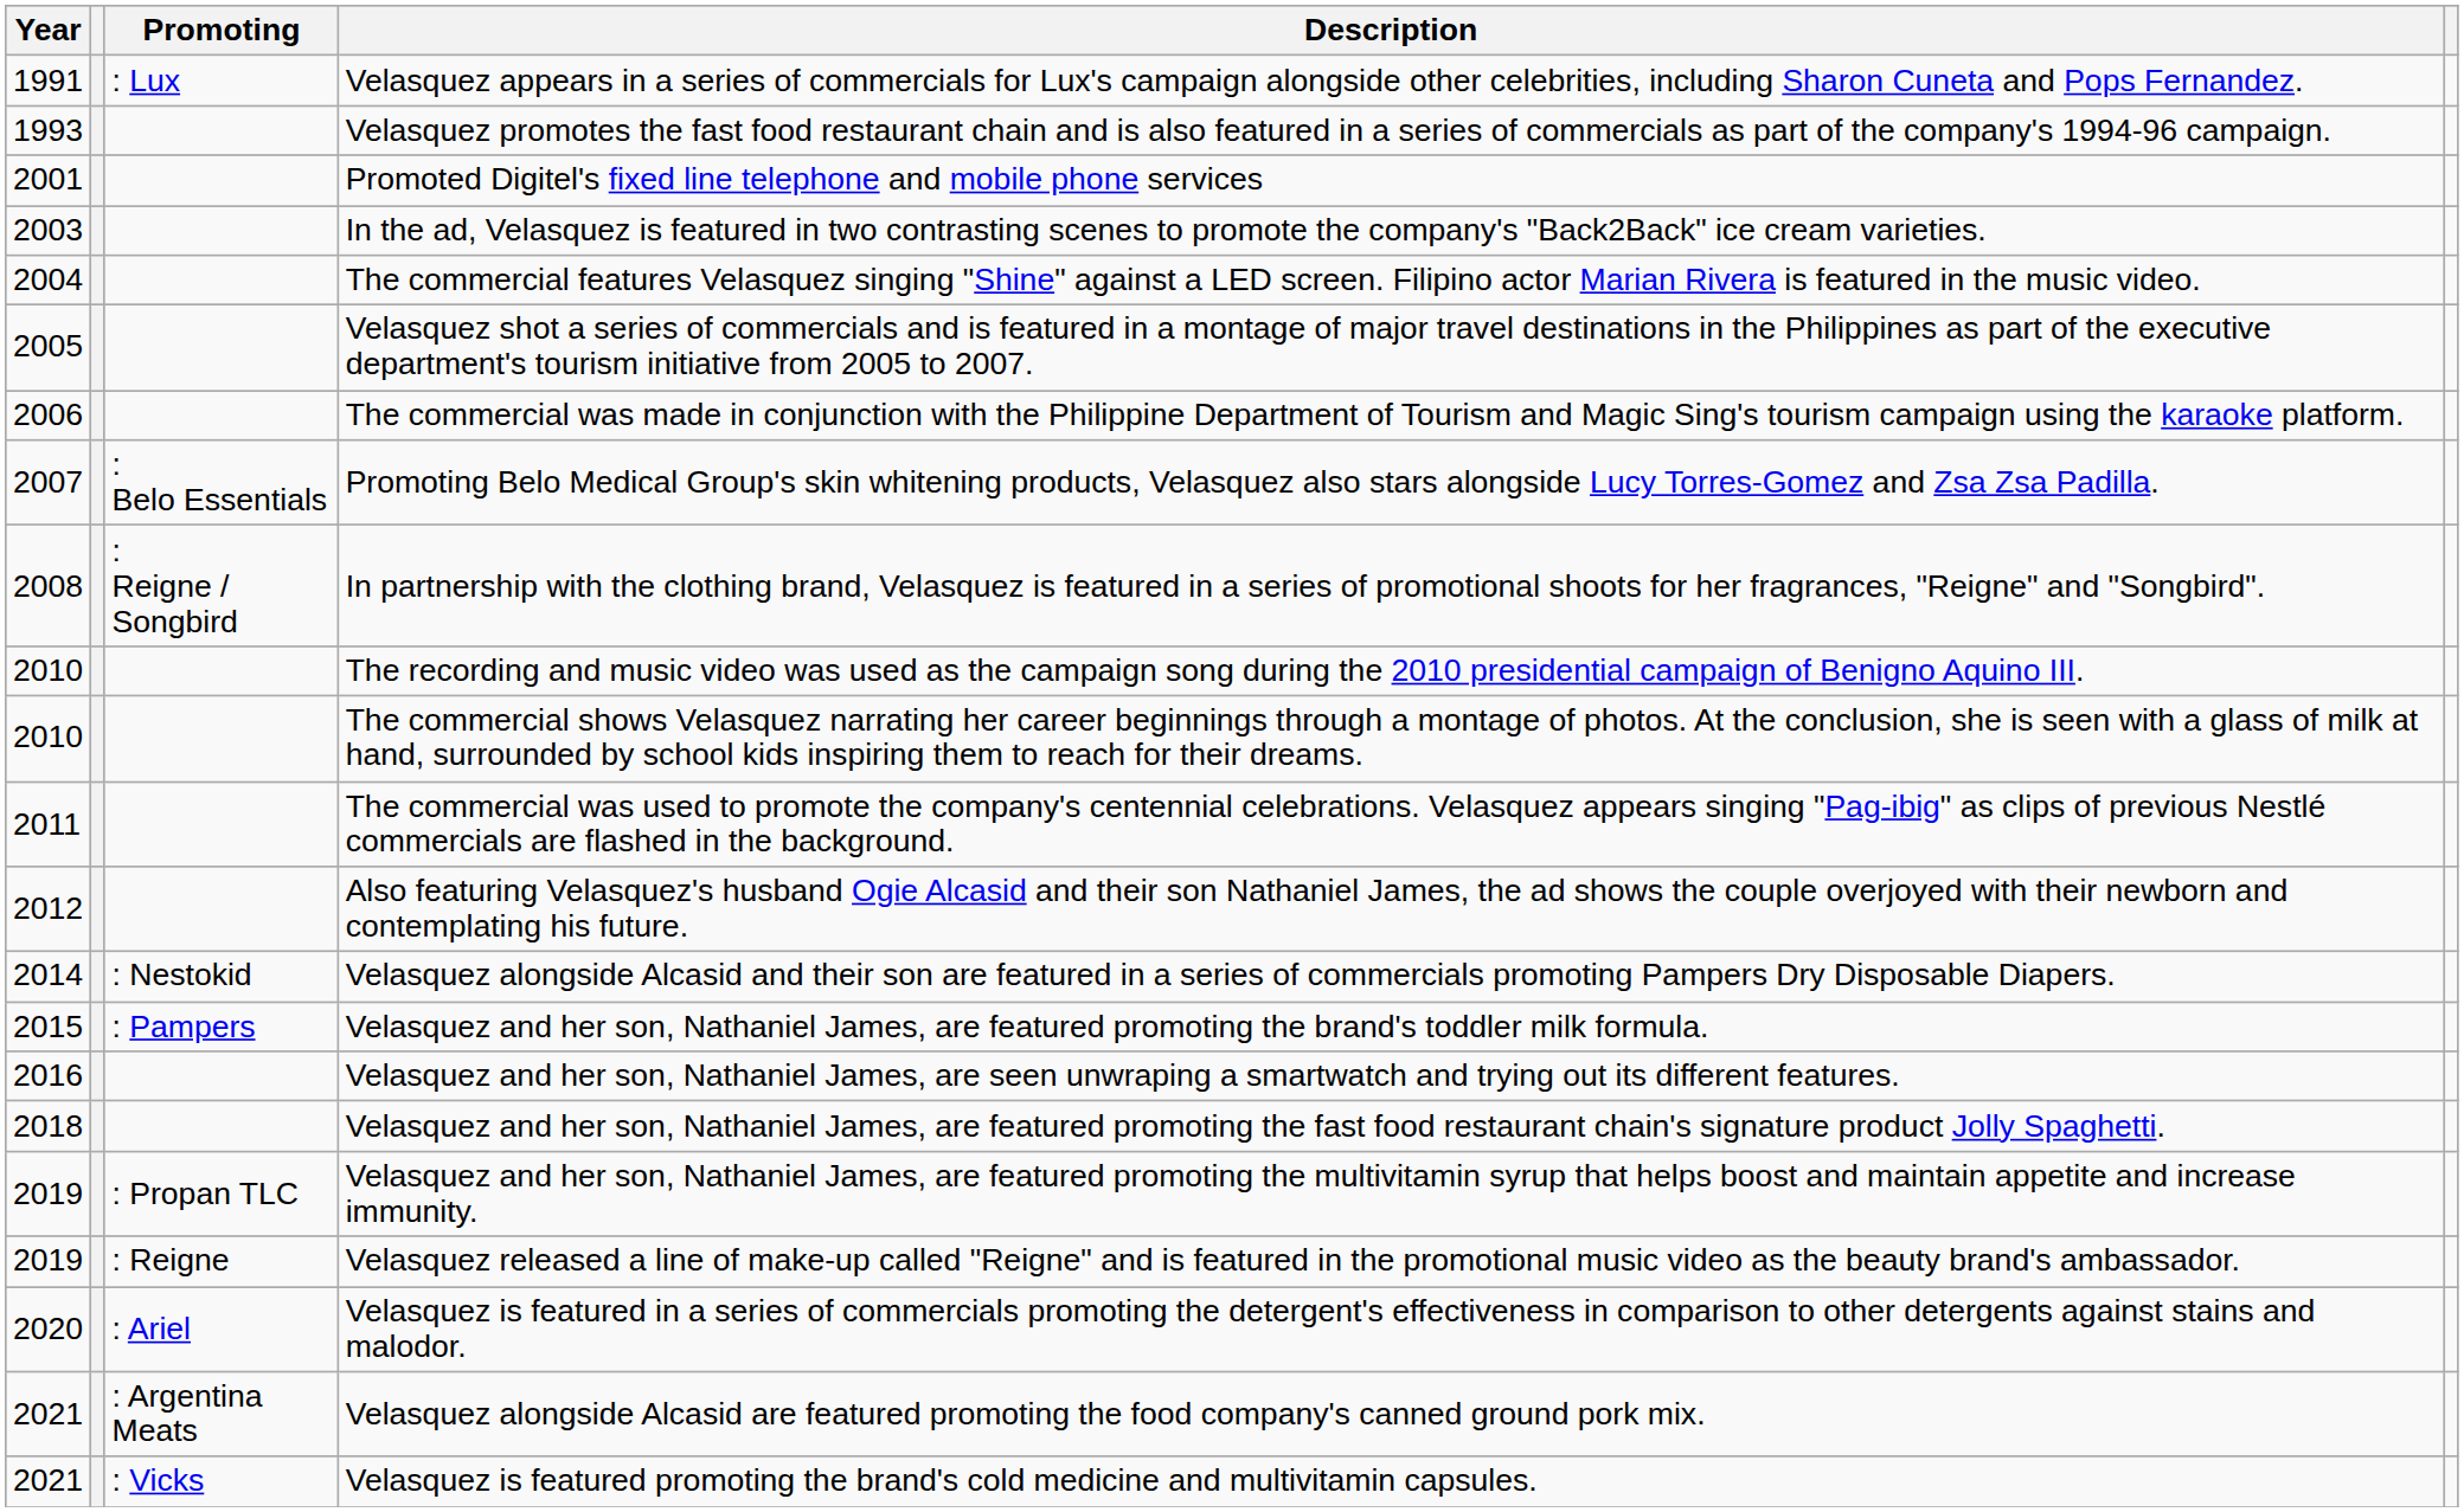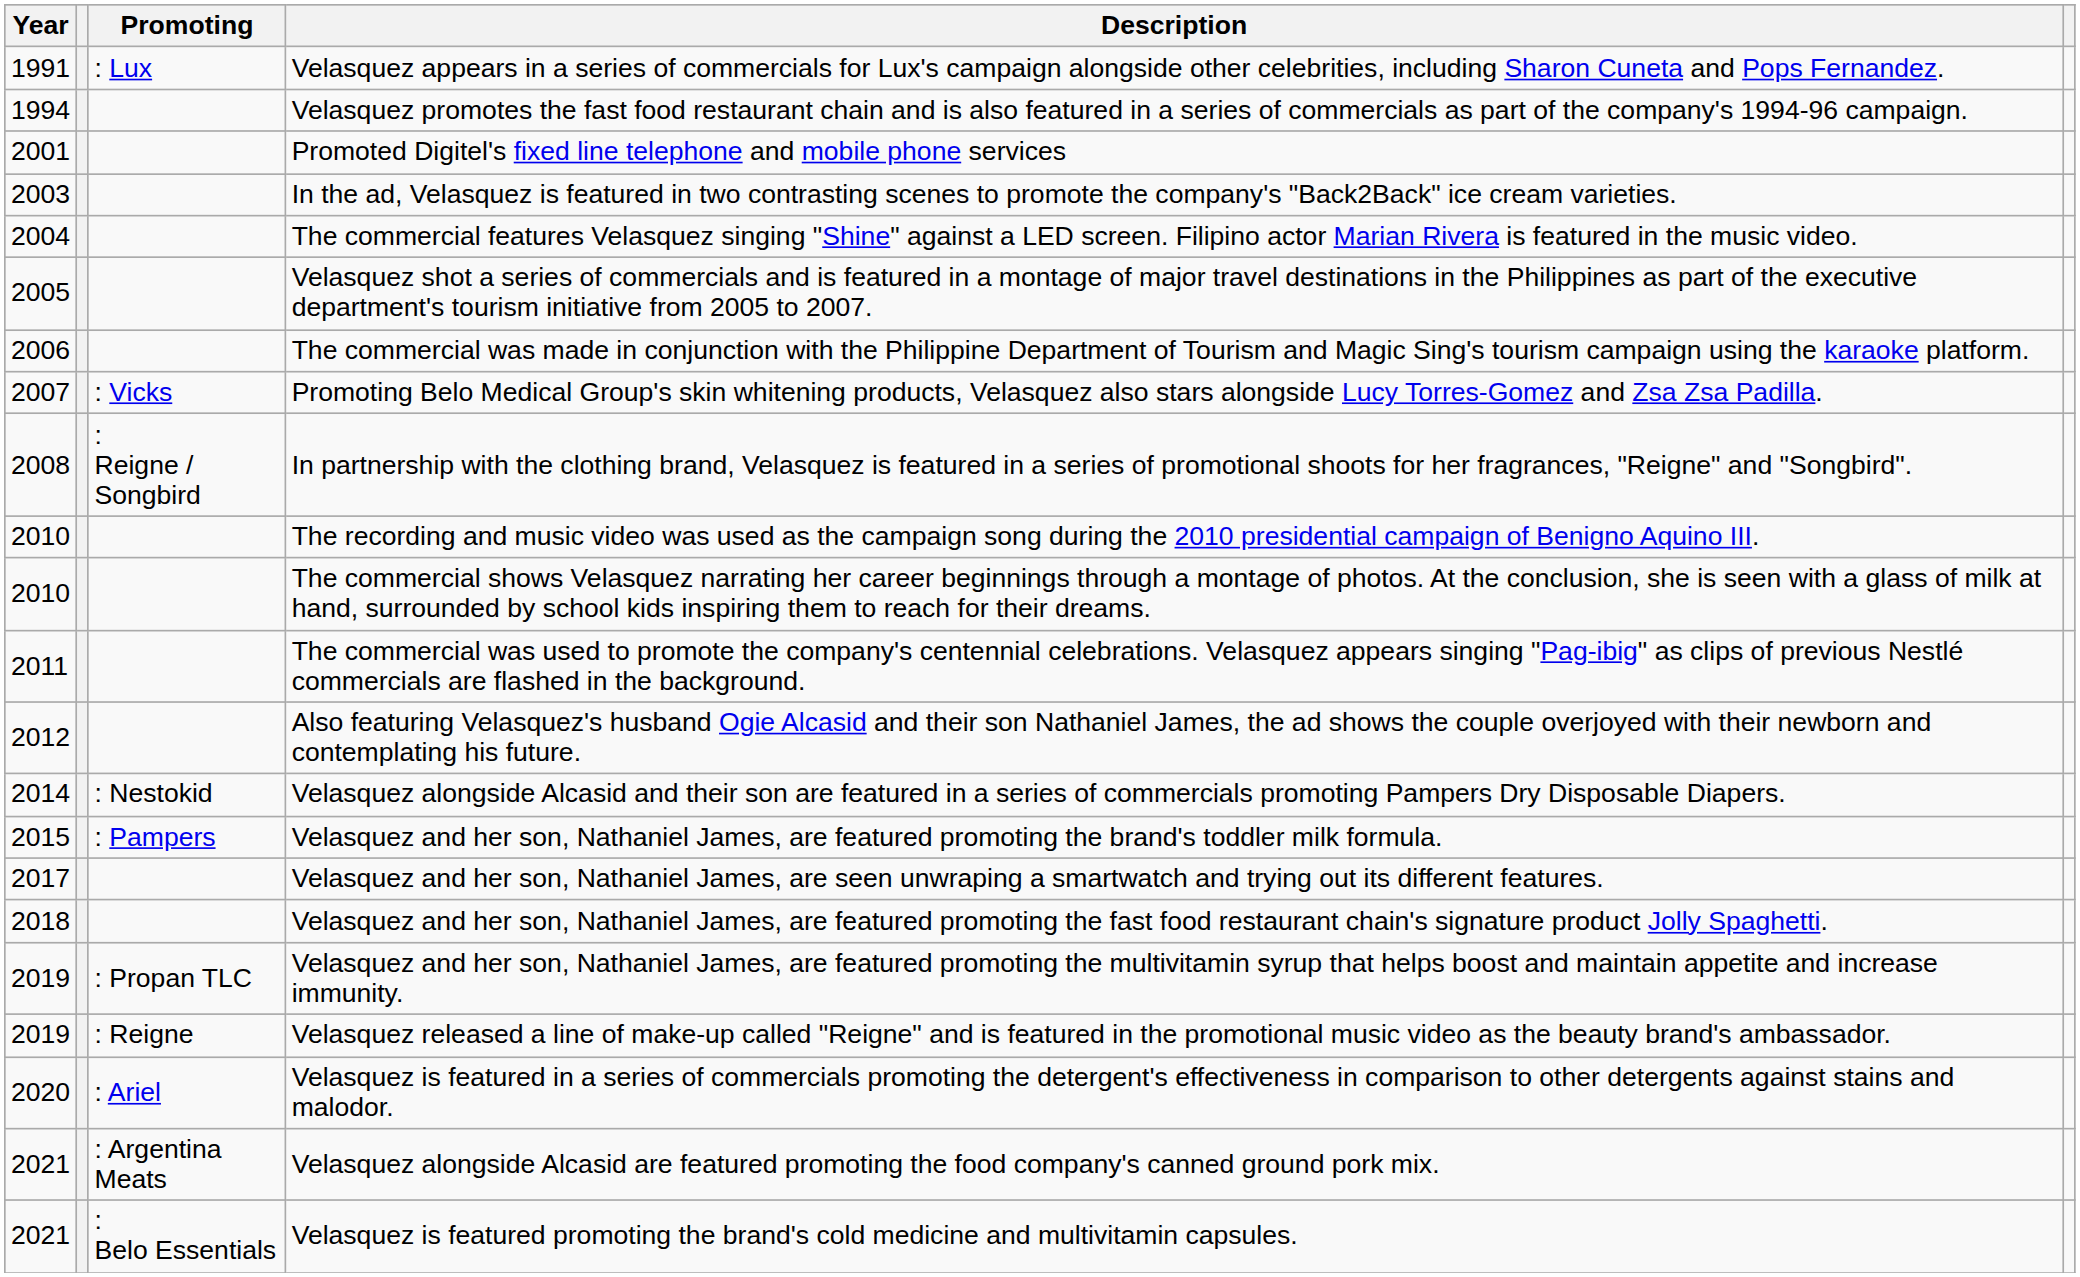 <table class="wikitable sortable plainrowheaders">
 <tr>
 <th scope="col">Year</th>
 <th scope="col"></th>
 <th scope="col">Promoting</th>
 <th scope="col" class="unsortable">Description</th>
 <th scope="col" class="unsortable"></th>
 </tr>
 <tr>
 <td>1991</td>
 <th scope=row></th>
 <td>: <a href='#'>Lux</a></td>
 <td style="text-align:left;">Velasquez appears in a series of commercials for Lux's campaign alongside other celebrities, including <a href='#'>Sharon Cuneta</a> and <a href='#'>Pops Fernandez</a>.</td>
 <td><br></td>
 </tr>
 <tr>
-<td>1993</td>
+<td>1994</td>
 <th scope=row></th>
 <td></td>
 <td style="text-align:left;">Velasquez promotes the fast food restaurant chain and is also featured in a series of commercials as part of the company's 1994-96 campaign.</td>
 <td><br></td>
 </tr>
 <tr>
 <td>2001</td>
 <th scope=row></th>
 <td></td>
 <td style="text-align:left;">Promoted Digitel's <a href='#'>fixed line telephone</a> and <a href='#'>mobile phone</a> services</td>
 <td><br></td>
 </tr>
 <tr>
 <td>2003</td>
 <th scope=row></th>
 <td></td>
 <td style="text-align:left;">In the ad, Velasquez is featured in two contrasting scenes to promote the company's "Back2Back" ice cream varieties.</td>
 <td><br></td>
 </tr>
 <tr>
 <td>2004</td>
 <th scope=row></th>
 <td></td>
 <td style="text-align:left;">The commercial features Velasquez singing "<a href='#'>Shine</a>" against a LED screen. Filipino actor <a href='#'>Marian Rivera</a> is featured in the music video.</td>
 <td></td>
 </tr>
 <tr>
 <td>2005</td>
 <th scope=row></th>
 <td></td>
 <td style="text-align:left;">Velasquez shot a series of commercials and is featured in a montage of major travel destinations in the Philippines as part of the executive department's tourism initiative from 2005 to 2007.</td>
 <td><br></td>
 </tr>
 <tr>
 <td>2006</td>
 <th scope=row></th>
 <td></td>
 <td style="text-align:left;">The commercial was made in conjunction with the Philippine Department of Tourism and Magic Sing's tourism campaign using the <a href='#'>karaoke</a> platform.</td>
 <td><br></td>
 </tr>
 <tr>
 <td>2007</td>
 <th scope=row></th>
-<td>:<br>Belo Essentials</td>
+<td>: <a href='#'>Vicks</a></td>
 <td style="text-align:left;">Promoting Belo Medical Group's skin whitening products, Velasquez also stars alongside <a href='#'>Lucy Torres-Gomez</a> and <a href='#'>Zsa Zsa Padilla</a>.</td>
 <td><br></td>
 </tr>
 <tr>
 <td>2008</td>
 <th scope=row></th>
 <td>:<br>Reigne / Songbird</td>
 <td style="text-align:left;">In partnership with the clothing brand, Velasquez is featured in a series of promotional shoots for her fragrances, "Reigne" and "Songbird".</td>
 <td><br></td>
 </tr>
 <tr>
 <td>2010</td>
 <th scope=row></th>
 <td></td>
 <td style="text-align:left;">The recording and music video was used as the campaign song during the <a href='#'>2010 presidential campaign of Benigno Aquino III</a>.</td>
 <td></td>
 </tr>
 <tr>
 <td>2010</td>
 <th scope=row></th>
 <td></td>
 <td style="text-align:left;">The commercial shows Velasquez narrating her career beginnings through a montage of photos. At the conclusion, she is seen with a glass of milk at hand, surrounded by school kids inspiring them to reach for their dreams.</td>
 <td></td>
 </tr>
 <tr>
 <td>2011</td>
 <th scope=row></th>
 <td></td>
 <td style="text-align:left;">The commercial was used to promote the company's centennial celebrations. Velasquez appears singing "<a href='#'>Pag-ibig</a>" as clips of previous Nestlé commercials are flashed in the background.</td>
 <td></td>
 </tr>
 <tr>
 <td>2012</td>
 <th scope=row></th>
 <td></td>
 <td style="text-align:left;">Also featuring Velasquez's husband <a href='#'>Ogie Alcasid</a> and their son Nathaniel James, the ad shows the couple overjoyed with their newborn and contemplating his future.</td>
 <td></td>
 </tr>
 <tr>
 <td>2014</td>
 <th scope=row></th>
 <td>: Nestokid</td>
 <td style="text-align:left;">Velasquez alongside Alcasid and their son are featured in a series of commercials promoting Pampers Dry Disposable Diapers.</td>
 <td></td>
 </tr>
 <tr>
 <td>2015</td>
 <th scope=row></th>
 <td>: <a href='#'>Pampers</a></td>
 <td style="text-align:left;">Velasquez and her son, Nathaniel James, are featured promoting the brand's toddler milk formula.</td>
 <td></td>
 </tr>
 <tr>
-<td>2016</td>
+<td>2017</td>
 <th scope=row></th>
 <td></td>
 <td style="text-align:left;">Velasquez and her son, Nathaniel James, are seen unwraping a smartwatch and trying out its different features.</td>
 <td><br></td>
 </tr>
 <tr>
 <td>2018</td>
 <th scope=row></th>
 <td></td>
 <td style="text-align:left;">Velasquez and her son, Nathaniel James, are featured promoting the fast food restaurant chain's signature product <a href='#'>Jolly Spaghetti</a>.</td>
 <td></td>
 </tr>
 <tr>
 <td>2019</td>
 <th scope=row></th>
 <td>: Propan TLC</td>
 <td style="text-align:left;">Velasquez and her son, Nathaniel James, are featured promoting the multivitamin syrup that helps boost and maintain appetite and increase immunity.</td>
 <td></td>
 </tr>
 <tr>
 <td>2019</td>
 <th scope=row></th>
 <td>: Reigne</td>
 <td style="text-align:left;">Velasquez released a line of make-up called "Reigne" and is featured in the promotional music video as the beauty brand's ambassador.</td>
 <td><br></td>
 </tr>
 <tr>
 <td>2020</td>
 <th scope=row></th>
 <td>: <a href='#'>Ariel</a></td>
 <td style="text-align:left;">Velasquez is featured in a series of commercials promoting the detergent's effectiveness in comparison to other detergents against stains and malodor.</td>
 <td><br></td>
 </tr>
 <tr>
 <td>2021</td>
 <th scope=row></th>
 <td>: Argentina Meats</td>
 <td style="text-align:left;">Velasquez alongside Alcasid are featured promoting the food company's canned ground pork mix.</td>
 <td></td>
 </tr>
 <tr>
 <td>2021</td>
 <th scope=row></th>
-<td>: <a href='#'>Vicks</a></td>
+<td>:<br>Belo Essentials</td>
 <td style="text-align:left;">Velasquez is featured promoting the brand's cold medicine and multivitamin capsules.</td>
 <td></td>
 </tr>
 </table>
